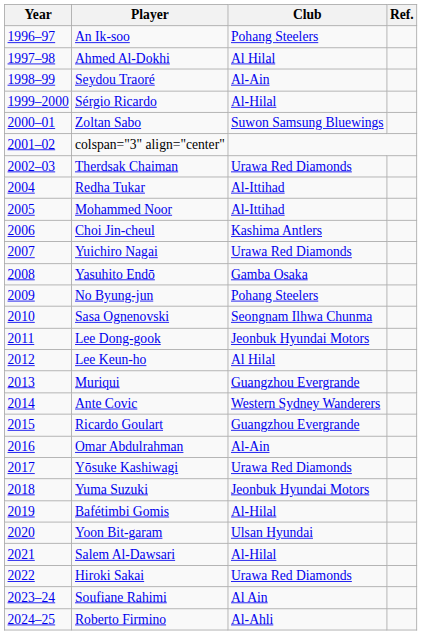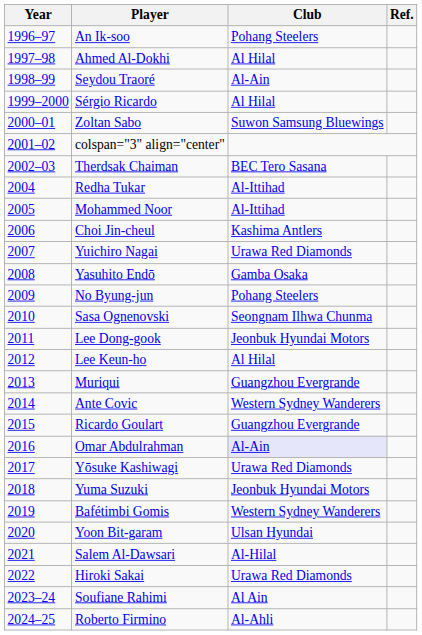 <table class="wikitable">
 <tr>
 <th>Year</th>
 <th>Player</th>
 <th>Club</th>
 <th>Ref.</th>
 </tr>
 <tr>
 <td><a href='#'>1996–97</a></td>
 <td> <a href='#'>An Ik-soo</a></td>
 <td> <a href='#'>Pohang Steelers</a></td>
 <td></td>
 </tr>
 <tr>
 <td><a href='#'>1997–98</a></td>
 <td> <a href='#'>Ahmed Al-Dokhi</a></td>
 <td> <a href='#'>Al Hilal</a></td>
 <td></td>
 </tr>
 <tr>
 <td><a href='#'>1998–99</a></td>
 <td> <a href='#'>Seydou Traoré</a></td>
 <td align=left> <a href='#'>Al-Ain</a></td>
 <td></td>
 </tr>
 <tr>
 <td><a href='#'>1999–2000</a></td>
 <td> <a href='#'>Sérgio Ricardo</a></td>
-<td> <a href='#'>Al-Hilal</a></td>
+<td> <a href='#'>Al Hilal</a></td>
 <td></td>
 </tr>
 <tr>
 <td><a href='#'>2000–01</a></td>
 <td> <a href='#'>Zoltan Sabo</a></td>
 <td> <a href='#'>Suwon Samsung Bluewings</a></td>
 <td></td>
 </tr>
 <tr>
 <td><a href='#'>2001–02</a></td>
 <td>colspan="3" align="center" </td>
 </tr>
 <tr>
 <td><a href='#'>2002–03</a></td>
 <td> <a href='#'>Therdsak Chaiman</a></td>
-<td> <a href='#'>Urawa Red Diamonds</a></td>
+<td> <a href='#'>BEC Tero Sasana</a></td>
 <td></td>
 </tr>
 <tr>
 <td><a href='#'>2004</a></td>
 <td> <a href='#'>Redha Tukar</a></td>
 <td> <a href='#'>Al-Ittihad</a></td>
 <td></td>
 </tr>
 <tr>
 <td><a href='#'>2005</a></td>
 <td> <a href='#'>Mohammed Noor</a></td>
 <td> <a href='#'>Al-Ittihad</a></td>
 <td></td>
 </tr>
 <tr>
 <td><a href='#'>2006</a></td>
 <td> <a href='#'>Choi Jin-cheul</a></td>
 <td> <a href='#'>Kashima Antlers</a></td>
 <td></td>
 </tr>
 <tr>
 <td><a href='#'>2007</a></td>
 <td> <a href='#'>Yuichiro Nagai</a></td>
 <td> <a href='#'>Urawa Red Diamonds</a></td>
 <td></td>
 </tr>
 <tr>
 <td><a href='#'>2008</a></td>
 <td> <a href='#'>Yasuhito Endō</a></td>
 <td> <a href='#'>Gamba Osaka</a></td>
 <td></td>
 </tr>
 <tr>
 <td><a href='#'>2009</a></td>
 <td> <a href='#'>No Byung-jun</a></td>
 <td> <a href='#'>Pohang Steelers</a></td>
 <td></td>
 </tr>
 <tr>
 <td><a href='#'>2010</a></td>
 <td> <a href='#'>Sasa Ognenovski</a></td>
 <td> <a href='#'>Seongnam Ilhwa Chunma</a></td>
 <td></td>
 </tr>
 <tr>
 <td><a href='#'>2011</a></td>
 <td> <a href='#'>Lee Dong-gook</a></td>
 <td> <a href='#'>Jeonbuk Hyundai Motors</a></td>
 <td></td>
 </tr>
 <tr>
 <td><a href='#'>2012</a></td>
 <td> <a href='#'>Lee Keun-ho</a></td>
 <td> <a href='#'>Al Hilal</a></td>
 <td></td>
 </tr>
 <tr>
 <td><a href='#'>2013</a></td>
 <td> <a href='#'>Muriqui</a></td>
 <td> <a href='#'>Guangzhou Evergrande</a></td>
 <td></td>
 </tr>
 <tr>
 <td><a href='#'>2014</a></td>
 <td> <a href='#'>Ante Covic</a></td>
 <td> <a href='#'>Western Sydney Wanderers</a></td>
 <td></td>
 </tr>
 <tr>
 <td><a href='#'>2015</a></td>
 <td> <a href='#'>Ricardo Goulart</a></td>
 <td> <a href='#'>Guangzhou Evergrande</a></td>
 <td></td>
 </tr>
 <tr>
 <td><a href='#'>2016</a></td>
 <td> <a href='#'>Omar Abdulrahman</a></td>
-<td> <a href='#'>Al-Ain</a></td>
+<td style="background: lavender;"> <a href='#'>Al-Ain</a></td>
 <td></td>
 </tr>
 <tr>
 <td><a href='#'>2017</a></td>
 <td> <a href='#'>Yōsuke Kashiwagi</a></td>
 <td> <a href='#'>Urawa Red Diamonds</a></td>
 <td></td>
 </tr>
 <tr>
 <td><a href='#'>2018</a></td>
 <td> <a href='#'>Yuma Suzuki</a></td>
 <td> <a href='#'>Jeonbuk Hyundai Motors</a></td>
 <td></td>
 </tr>
 <tr>
 <td><a href='#'>2019</a></td>
 <td> <a href='#'>Bafétimbi Gomis</a></td>
-<td> <a href='#'>Al-Hilal</a></td>
+<td> <a href='#'>Western Sydney Wanderers</a></td>
 <td></td>
 </tr>
 <tr>
 <td><a href='#'>2020</a></td>
 <td> <a href='#'>Yoon Bit-garam</a></td>
 <td> <a href='#'>Ulsan Hyundai</a></td>
 <td></td>
 </tr>
 <tr>
 <td><a href='#'>2021</a></td>
 <td> <a href='#'>Salem Al-Dawsari</a></td>
 <td> <a href='#'>Al-Hilal</a></td>
 <td></td>
 </tr>
 <tr>
 <td><a href='#'>2022</a></td>
 <td> <a href='#'>Hiroki Sakai</a></td>
 <td> <a href='#'>Urawa Red Diamonds</a></td>
 <td></td>
 </tr>
 <tr>
 <td><a href='#'>2023–24</a></td>
 <td> <a href='#'>Soufiane Rahimi</a></td>
 <td> <a href='#'>Al Ain</a></td>
 <td></td>
 </tr>
 <tr>
 <td><a href='#'>2024–25</a></td>
 <td> <a href='#'>Roberto Firmino</a></td>
 <td> <a href='#'>Al-Ahli</a></td>
 <td></td>
 </tr>
 </table>
